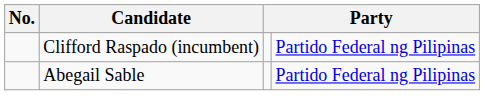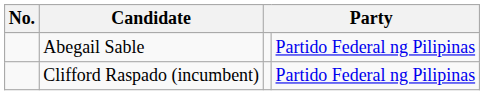 <table class="wikitable sortable" style="text-align:left;">
 <tr>
 <th>No.</th>
 <th>Candidate</th>
 <th colspan="2">Party</th>
 </tr>
 <tr>
 <td></td>
-<td>Clifford Raspado (incumbent)</td>
+<td>Abegail Sable</td>
 <td></td>
 <td><a href='#'>Partido Federal ng Pilipinas</a></td>
 </tr>
 <tr>
 <td></td>
-<td>Abegail Sable</td>
+<td>Clifford Raspado (incumbent)</td>
 <td></td>
 <td><a href='#'>Partido Federal ng Pilipinas</a></td>
 </tr>
 </table>
